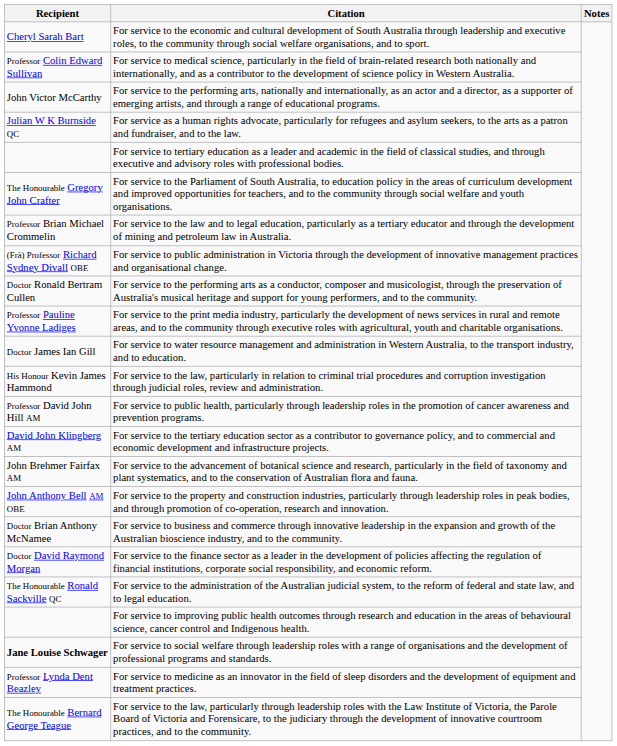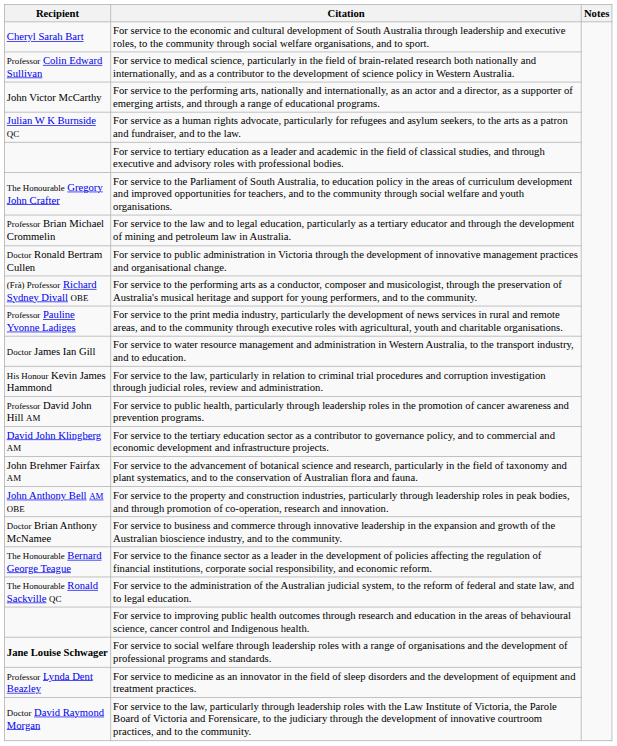 <table class="wikitable" style="font-size:95%;">
 <tr>
 <th>Recipient</th>
 <th>Citation</th>
 <th>Notes</th>
 </tr>
 <tr>
 <td><a href='#'>Cheryl Sarah Bart</a></td>
 <td>For service to the economic and cultural development of South Australia through leadership and executive roles, to the community through social welfare organisations, and to sport.</td>
 <td rowspan=100></td>
 </tr>
 <tr>
 <td><small>Professor</small> <a href='#'>Colin Edward Sullivan</a></td>
 <td>For service to medical science, particularly in the field of brain-related research both nationally and internationally, and as a contributor to the development of science policy in Western Australia.</td>
 </tr>
 <tr>
 <td>John Victor McCarthy</td>
 <td>For service to the performing arts, nationally and internationally, as an actor and a director, as a supporter of emerging artists, and through a range of educational programs.</td>
 </tr>
 <tr>
 <td><a href='#'>Julian W K Burnside</a> <small>QC</small></td>
 <td>For service as a human rights advocate, particularly for refugees and asylum seekers, to the arts as a patron and fundraiser, and to the law.</td>
 </tr>
 <tr>
 <td></td>
 <td>For service to tertiary education as a leader and academic in the field of classical studies, and through executive and advisory roles with professional bodies.</td>
 </tr>
 <tr>
 <td><small>The Honourable</small> <a href='#'>Gregory John Crafter</a></td>
 <td>For service to the Parliament of South Australia, to education policy in the areas of curriculum development and improved opportunities for teachers, and to the community through social welfare and youth organisations.</td>
 </tr>
 <tr>
 <td><small>Professor</small> Brian Michael Crommelin</td>
 <td>For service to the law and to legal education, particularly as a tertiary educator and through the development of mining and petroleum law in Australia.</td>
 </tr>
 <tr>
-<td><small>(Frà) Professor</small> <a href='#'>Richard Sydney Divall</a> <small>OBE</small></td>
+<td><small>Doctor</small> Ronald Bertram Cullen</td>
 <td>For service to public administration in Victoria through the development of innovative management practices and organisational change.</td>
 </tr>
 <tr>
-<td><small>Doctor</small> Ronald Bertram Cullen</td>
+<td><small>(Frà) Professor</small> <a href='#'>Richard Sydney Divall</a> <small>OBE</small></td>
 <td>For service to the performing arts as a conductor, composer and musicologist, through the preservation of Australia's musical heritage and support for young performers, and to the community.</td>
 </tr>
 <tr>
 <td><small>Professor</small> <a href='#'>Pauline Yvonne Ladiges</a></td>
 <td>For service to the print media industry, particularly the development of news services in rural and remote areas, and to the community through executive roles with agricultural, youth and charitable organisations.</td>
 </tr>
 <tr>
 <td><small>Doctor</small> James Ian Gill</td>
 <td>For service to water resource management and administration in Western Australia, to the transport industry, and to education.</td>
 </tr>
 <tr>
 <td><small>His Honour</small> Kevin James Hammond</td>
 <td>For service to the law, particularly in relation to criminal trial procedures and corruption investigation through judicial roles, review and administration.</td>
 </tr>
 <tr>
 <td><small>Professor</small> David John Hill <small>AM</small></td>
 <td>For service to public health, particularly through leadership roles in the promotion of cancer awareness and prevention programs.</td>
 </tr>
 <tr>
 <td><a href='#'>David John Klingberg</a> <small>AM</small></td>
 <td>For service to the tertiary education sector as a contributor to governance policy, and to commercial and economic development and infrastructure projects.</td>
 </tr>
 <tr>
 <td>John Brehmer Fairfax <small>AM</small></td>
 <td>For service to the advancement of botanical science and research, particularly in the field of taxonomy and plant systematics, and to the conservation of Australian flora and fauna.</td>
 </tr>
 <tr>
 <td><a href='#'>John Anthony Bell</a> <small><a href='#'>AM</a> OBE</small></td>
 <td>For service to the property and construction industries, particularly through leadership roles in peak bodies, and through promotion of co-operation, research and innovation.</td>
 </tr>
 <tr>
 <td><small>Doctor</small> Brian Anthony McNamee</td>
 <td>For service to business and commerce through innovative leadership in the expansion and growth of the Australian bioscience industry, and to the community.</td>
 </tr>
 <tr>
-<td><small>Doctor</small> <a href='#'>David Raymond Morgan</a></td>
+<td><small>The Honourable</small> <a href='#'>Bernard George Teague</a></td>
 <td>For service to the finance sector as a leader in the development of policies affecting the regulation of financial institutions, corporate social responsibility, and economic reform.</td>
 </tr>
 <tr>
 <td><small>The Honourable</small> <a href='#'>Ronald Sackville</a> <small>QC</small></td>
 <td>For service to the administration of the Australian judicial system, to the reform of federal and state law, and to legal education.</td>
 </tr>
 <tr>
 <td></td>
 <td>For service to improving public health outcomes through research and education in the areas of behavioural science, cancer control and Indigenous health.</td>
 </tr>
 <tr>
 <td><strong>Jane Louise Schwager</strong></td>
 <td>For service to social welfare through leadership roles with a range of organisations and the development of professional programs and standards.</td>
 </tr>
 <tr>
 <td><small>Professor</small> <a href='#'>Lynda Dent Beazley</a></td>
 <td>For service to medicine as an innovator in the field of sleep disorders and the development of equipment and treatment practices.</td>
 </tr>
 <tr>
-<td><small>The Honourable</small> <a href='#'>Bernard George Teague</a></td>
+<td><small>Doctor</small> <a href='#'>David Raymond Morgan</a></td>
 <td>For service to the law, particularly through leadership roles with the Law Institute of Victoria, the Parole Board of Victoria and Forensicare, to the judiciary through the development of innovative courtroom practices, and to the community.</td>
 </tr>
 </table>
